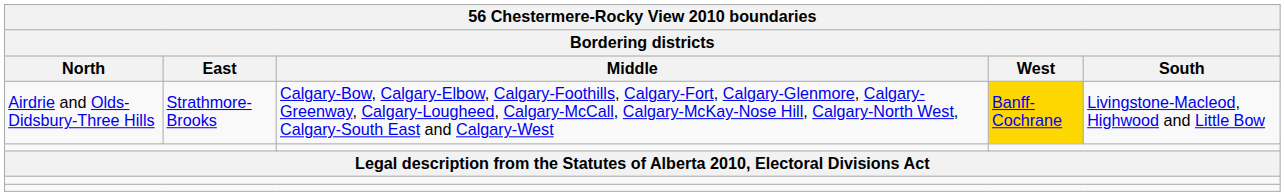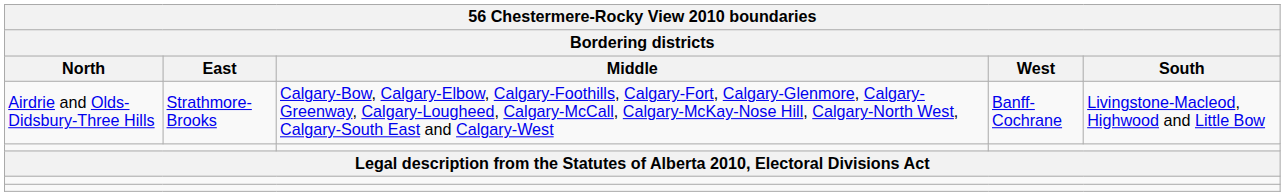 <table class="wikitable collapsible collapsed" style="width:100%;">
 <tr>
 <th colspan=5>56 Chestermere-Rocky View 2010 boundaries</th>
 </tr>
 <tr>
 <th colspan=5>Bordering districts</th>
 </tr>
 <tr>
 <th>North</th>
 <th>East</th>
 <th>Middle</th>
 <th>West</th>
 <th>South</th>
 </tr>
 <tr>
 <td><a href='#'>Airdrie</a> and <a href='#'>Olds-Didsbury-Three Hills</a></td>
 <td><a href='#'>Strathmore-Brooks</a></td>
 <td><a href='#'>Calgary-Bow</a>, <a href='#'>Calgary-Elbow</a>, <a href='#'>Calgary-Foothills</a>, <a href='#'>Calgary-Fort</a>, <a href='#'>Calgary-Glenmore</a>, <a href='#'>Calgary-Greenway</a>, <a href='#'>Calgary-Lougheed</a>, <a href='#'>Calgary-McCall</a>, <a href='#'>Calgary-McKay-Nose Hill</a>, <a href='#'>Calgary-North West</a>, <a href='#'>Calgary-South East</a> and <a href='#'>Calgary-West</a></td>
-<td style="background: gold;"><a href='#'>Banff-Cochrane</a></td>
+<td><a href='#'>Banff-Cochrane</a></td>
 <td><a href='#'>Livingstone-Macleod</a>, <a href='#'>Highwood</a> and <a href='#'>Little Bow</a></td>
 </tr>
 <tr>
 <td colspan=2 align=center></td>
 <td align=center></td>
 <td colspan=2 align=center></td>
 </tr>
 <tr>
 <th colspan=5>Legal description from the Statutes of Alberta 2010, Electoral Divisions Act</th>
 </tr>
 <tr>
 <td colspan=5></td>
 </tr>
 <tr>
 <td colspan=5></td>
 </tr>
 </table>
